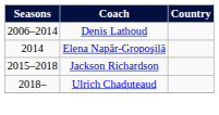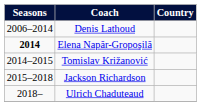 <table class="wikitable" style="text-align: center;">
 <tr>
 <th style="color:#FFFFFF; background:#021040">Seasons</th>
 <th style="color:#FFFFFF; background:#021040">Coach</th>
 <th style="color:#FFFFFF; background:#021040">Country</th>
 </tr>
 <tr>
 <td style="text-align: center">2006–2014</td>
 <td style="text-align: center"><a href='#'>Denis Lathoud</a></td>
 <td style="text-align: center"></td>
 </tr>
 <tr>
-<td style="text-align: center">2014</td>
+<td style="text-align: center"><strong>2014</strong></td>
 <td style="text-align: center"><a href='#'>Elena Napăr-Gropoşilă</a></td>
+<td style="text-align: center"></td>
+</tr>
+<tr>
+<td style="text-align: center">2014–2015</td>
+<td style="text-align: center"><a href='#'>Tomislav Križanović</a></td>
 <td style="text-align: center"></td>
 </tr>
 <tr>
 <td style="text-align: center">2015–2018</td>
 <td style="text-align: center"><a href='#'>Jackson Richardson</a></td>
 <td style="text-align: center"></td>
 </tr>
 <tr>
 <td style="text-align: center">2018–</td>
 <td style="text-align: center"><a href='#'>Ulrich Chaduteaud</a></td>
 <td style="text-align: center"></td>
 </tr>
 <tr>
 </tr>
 </table>
